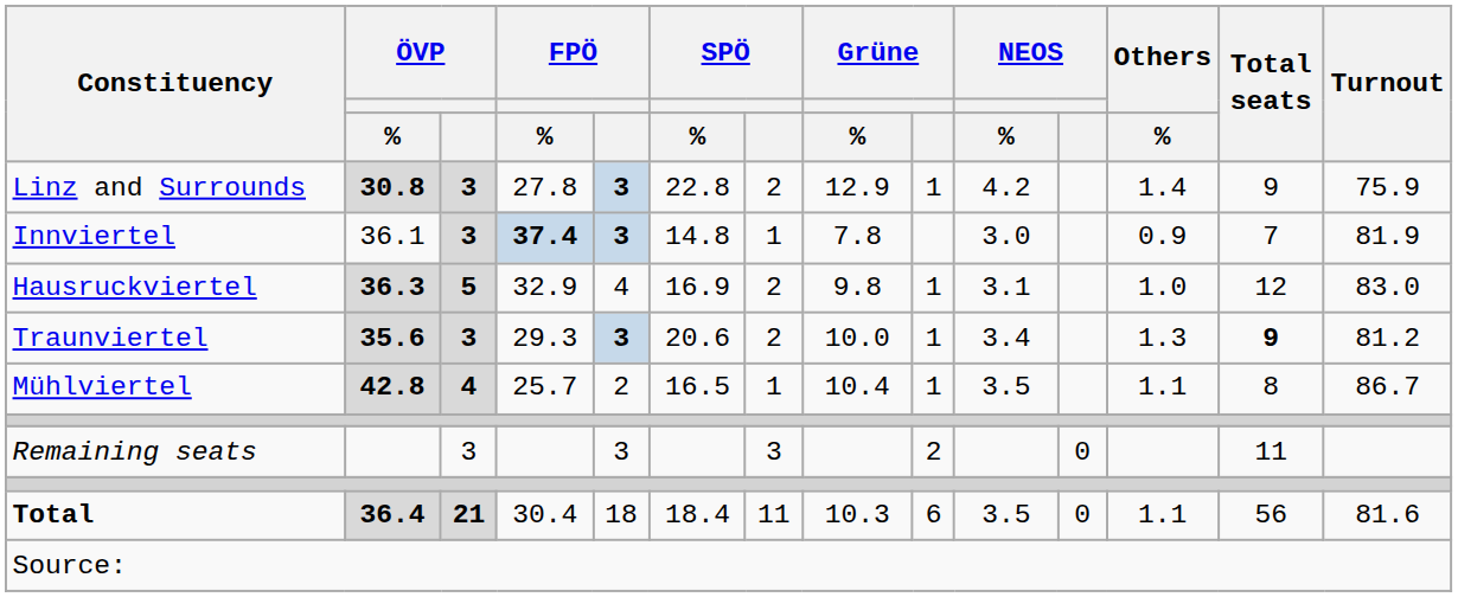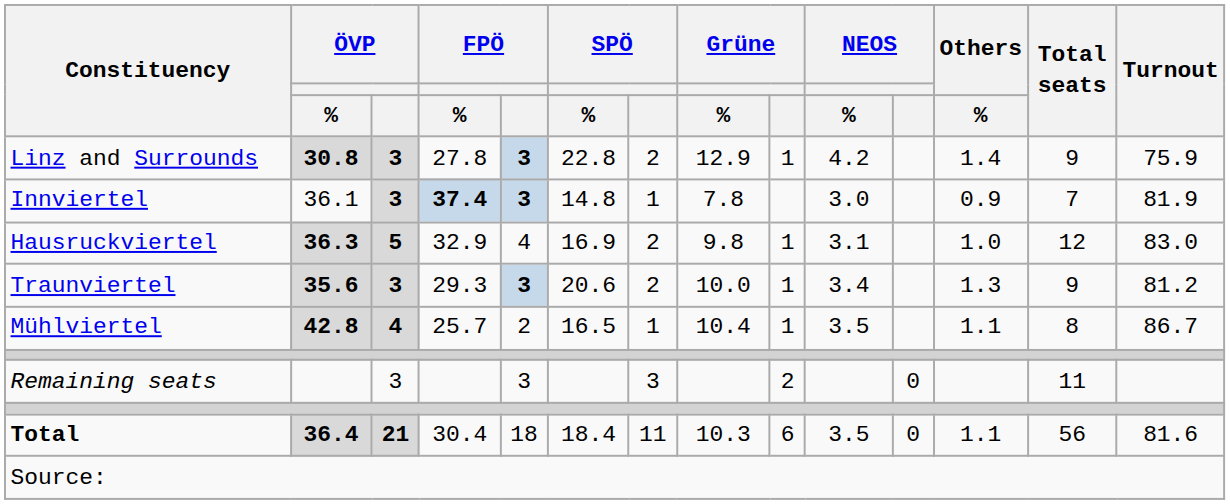 <table class="wikitable" style="text-align:center;font-size:90%;line-height:16px">
 <tr style="height:40px;">
 <th style="width:140px;" rowspan="3">Constituency</th>
 <th style="width:60px;" colspan="2"><a href='#'>ÖVP</a></th>
 <th style="width:60px;" colspan="2"><a href='#'>FPÖ</a></th>
 <th style="width:60px;" colspan="2"><a href='#'>SPÖ</a></th>
 <th style="width:60px;" colspan="2"><a href='#'>Grüne</a></th>
 <th style="width:60px;" colspan="2"><a href='#'>NEOS</a></th>
 <th class="unsortable" style="width:40px;" rowspan="2">Others</th>
 <th class="unsortable" style="width:40px;" rowspan="3">Total<br>seats</th>
 <th class="unsortable" style="width:40px;" rowspan="3">Turnout</th>
 </tr>
 <tr>
 <th colspan="2" style="background:"></th>
 <th colspan="2" style="background:"></th>
 <th colspan="2" style="background:"></th>
 <th colspan="2" style="background:"></th>
 <th colspan="2" style="background:"></th>
 </tr>
 <tr>
 <th class=unsortable>%</th>
 <th class=unsortable></th>
 <th class=unsortable>%</th>
 <th class=unsortable></th>
 <th class=unsortable>%</th>
 <th class=unsortable></th>
 <th class=unsortable>%</th>
 <th class=unsortable></th>
 <th class=unsortable>%</th>
 <th class=unsortable></th>
 <th class=unsortable>%</th>
 </tr>
 <tr>
 <td align=left><a href='#'>Linz</a> and <a href='#'>Surrounds</a></td>
 <td bgcolor=#D9D9D9><strong>30.8</strong></td>
 <td bgcolor=#D9D9D9><strong>3</strong></td>
 <td>27.8</td>
 <td bgcolor=#C6D9EA><strong>3</strong></td>
 <td>22.8</td>
 <td>2</td>
 <td>12.9</td>
 <td>1</td>
 <td>4.2</td>
 <td></td>
 <td>1.4</td>
 <td>9</td>
 <td>75.9</td>
 </tr>
 <tr>
 <td align=left><a href='#'>Innviertel</a></td>
 <td>36.1</td>
 <td bgcolor=#D9D9D9><strong>3</strong></td>
 <td bgcolor=#C6D9EA><strong>37.4</strong></td>
 <td bgcolor=#C6D9EA><strong>3</strong></td>
 <td>14.8</td>
 <td>1</td>
 <td>7.8</td>
 <td></td>
 <td>3.0</td>
 <td></td>
 <td>0.9</td>
 <td>7</td>
 <td>81.9</td>
 </tr>
 <tr>
 <td align=left><a href='#'>Hausruckviertel</a></td>
 <td bgcolor=#D9D9D9><strong>36.3</strong></td>
 <td bgcolor=#D9D9D9><strong>5</strong></td>
 <td>32.9</td>
 <td>4</td>
 <td>16.9</td>
 <td>2</td>
 <td>9.8</td>
 <td>1</td>
 <td>3.1</td>
 <td></td>
 <td>1.0</td>
 <td>12</td>
 <td>83.0</td>
 </tr>
 <tr>
 <td align=left><a href='#'>Traunviertel</a></td>
 <td bgcolor=#D9D9D9><strong>35.6</strong></td>
 <td bgcolor=#D9D9D9><strong>3</strong></td>
 <td>29.3</td>
 <td bgcolor=#C6D9EA><strong>3</strong></td>
 <td>20.6</td>
 <td>2</td>
 <td>10.0</td>
 <td>1</td>
 <td>3.4</td>
 <td></td>
 <td>1.3</td>
-<td><strong>9</strong></td>
+<td>9</td>
 <td>81.2</td>
 </tr>
 <tr>
 <td align=left><a href='#'>Mühlviertel</a></td>
 <td bgcolor=#D9D9D9><strong>42.8</strong></td>
 <td bgcolor=#D9D9D9><strong>4</strong></td>
 <td>25.7</td>
 <td>2</td>
 <td>16.5</td>
 <td>1</td>
 <td>10.4</td>
 <td>1</td>
 <td>3.5</td>
 <td></td>
 <td>1.1</td>
 <td>8</td>
 <td>86.7</td>
 </tr>
 <tr>
 <td colspan=14 bgcolor=lightgrey></td>
 </tr>
 <tr>
 <td align=left><em>Remaining seats</em></td>
 <td></td>
 <td>3</td>
 <td></td>
 <td>3</td>
 <td></td>
 <td>3</td>
 <td></td>
 <td>2</td>
 <td></td>
 <td>0</td>
 <td></td>
 <td>11</td>
 <td></td>
 </tr>
 <tr>
 <td colspan=14 bgcolor=lightgrey></td>
 </tr>
 <tr>
 <td align=left><strong>Total</strong></td>
 <td bgcolor=#D9D9D9><strong>36.4</strong></td>
 <td bgcolor=#D9D9D9><strong>21</strong></td>
 <td>30.4</td>
 <td>18</td>
 <td>18.4</td>
 <td>11</td>
 <td>10.3</td>
 <td>6</td>
 <td>3.5</td>
 <td>0</td>
 <td>1.1</td>
 <td>56</td>
 <td>81.6</td>
 </tr>
 <tr class=sortbottom>
 <td colspan=14 align=left>Source: </td>
 </tr>
 </table>
